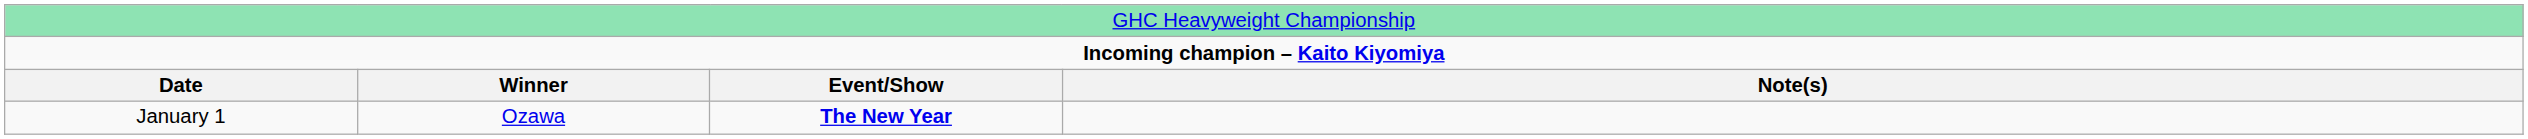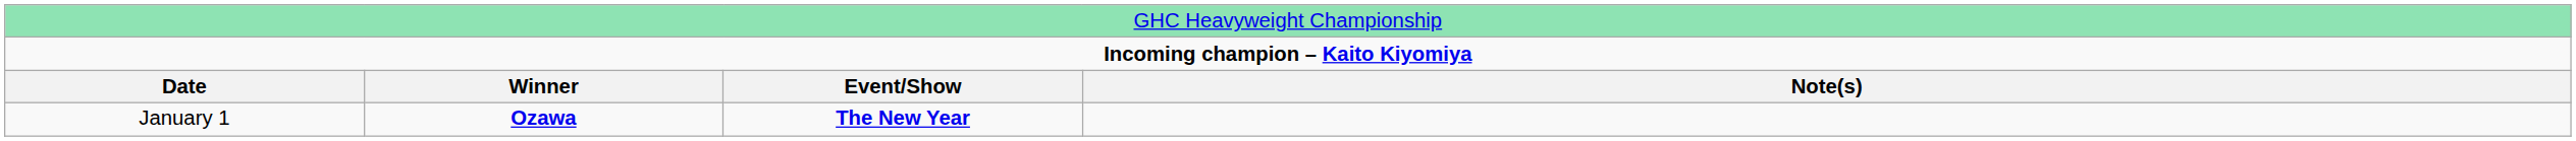 <table class="wikitable" style="text-align:center; width:100%;">
 <tr style="background:#8ee3b3;">
 <td colspan="4" style="text-align: center;"><a href='#'>GHC Heavyweight Championship</a></td>
 </tr>
 <tr>
 <td colspan="4" style="text-align: center;"><strong>Incoming champion – <a href='#'>Kaito Kiyomiya</a></strong></td>
 </tr>
 <tr>
 <th width=14%>Date</th>
 <th width=14%>Winner</th>
 <th width=14%>Event/Show</th>
 <th width=58%>Note(s)</th>
 </tr>
 <tr>
 <td>January 1</td>
-<td><a href='#'>Ozawa</a></td>
+<td><strong><a href='#'>Ozawa</a></strong></td>
 <td><strong><a href='#'>The New Year</a></strong></td>
 <td></td>
 </tr>
 </table>
